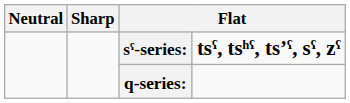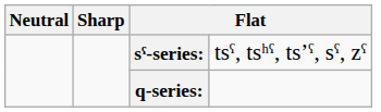 <table class="wikitable">
 <tr style="font-size: 80%;">
 <th>Neutral</th>
 <th>Sharp</th>
 <th colspan="2">Flat</th>
 </tr>
 <tr>
 <td rowspan="2"></td>
 <td rowspan="2"></td>
 <th><small>sˤ-series:</small></th>
-<td><strong>tsˤ, tsʰˤ, tsʼˤ, sˤ, zˤ</strong></td>
+<td>tsˤ, tsʰˤ, tsʼˤ, sˤ, zˤ</td>
 </tr>
 <tr>
 <th><small>q-series:</small></th>
 <td></td>
 </tr>
 </table>
